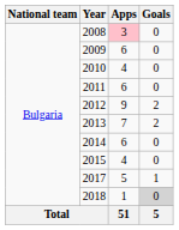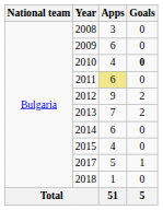 <table class="wikitable" style="text-align:center">
 <tr>
 <th>National team</th>
 <th>Year</th>
 <th>Apps</th>
 <th>Goals</th>
 </tr>
 <tr>
 <td rowspan="10"><a href='#'>Bulgaria</a></td>
 <td>2008</td>
-<td style="background: pink;">3</td>
+<td>3</td>
 <td>0</td>
 </tr>
 <tr>
 <td>2009</td>
 <td>6</td>
 <td>0</td>
 </tr>
 <tr>
 <td>2010</td>
 <td>4</td>
-<td>0</td>
+<td><strong>0</strong></td>
 </tr>
 <tr>
 <td>2011</td>
-<td>6</td>
+<td style="background: khaki;">6</td>
 <td>0</td>
 </tr>
 <tr>
 <td>2012</td>
 <td>9</td>
 <td>2</td>
 </tr>
 <tr>
 <td>2013</td>
 <td>7</td>
 <td>2</td>
 </tr>
 <tr>
 <td>2014</td>
 <td>6</td>
 <td>0</td>
 </tr>
 <tr>
 <td>2015</td>
 <td>4</td>
 <td>0</td>
 </tr>
 <tr>
 <td>2017</td>
 <td>5</td>
 <td>1</td>
 </tr>
 <tr>
 <td>2018</td>
 <td>1</td>
-<td style="background: lightgrey;">0</td>
+<td>0</td>
 </tr>
 <tr>
 <th colspan="2">Total</th>
 <th>51</th>
 <th>5</th>
 </tr>
 </table>
